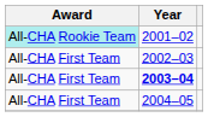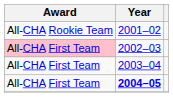 <table class="wikitable">
 <tr>
 <th>Award</th>
 <th>Year</th>
 <th></th>
 </tr>
 <tr>
-<td style="background: paleturquoise;">All-<a href='#'>CHA</a> <a href='#'>Rookie Team</a></td>
+<td>All-<a href='#'>CHA</a> <a href='#'>Rookie Team</a></td>
 <td><a href='#'>2001–02</a></td>
 <td></td>
 </tr>
 <tr>
-<td>All-<a href='#'>CHA</a> <a href='#'>First Team</a></td>
+<td style="background: pink;">All-<a href='#'>CHA</a> <a href='#'>First Team</a></td>
 <td><a href='#'>2002–03</a></td>
 <td></td>
 </tr>
 <tr>
 <td>All-<a href='#'>CHA</a> <a href='#'>First Team</a></td>
-<td><strong><a href='#'>2003–04</a></strong></td>
+<td><a href='#'>2003–04</a></td>
 <td></td>
 </tr>
 <tr>
 <td>All-<a href='#'>CHA</a> <a href='#'>First Team</a></td>
-<td><a href='#'>2004–05</a></td>
+<td><strong><a href='#'>2004–05</a></strong></td>
 <td></td>
 </tr>
 <tr>
 </tr>
 </table>
